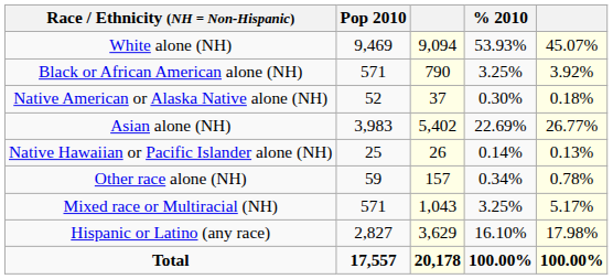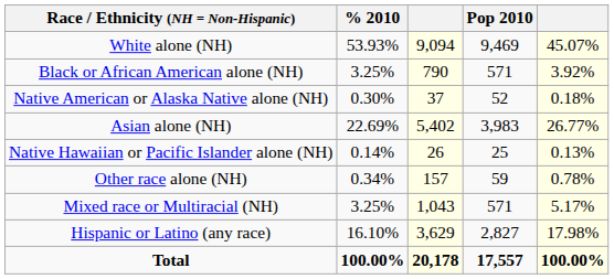 <table class="wikitable" style="text-align:center;">
 <tr>
 <th>Race / Ethnicity <small>(<em>NH = Non-Hispanic</em>)</small></th>
+<th>% 2010</th>
+<th></th>
 <th>Pop 2010</th>
-<th></th>
-<th>% 2010</th>
 <th></th>
 </tr>
 <tr>
 <td><a href='#'>White</a> alone (NH)</td>
+<td>53.93%</td>
+<td style='background: #ffffe6;'>9,094</td>
 <td>9,469</td>
-<td style='background: #ffffe6;'>9,094</td>
-<td>53.93%</td>
 <td style='background: #ffffe6;'>45.07%</td>
 </tr>
 <tr>
 <td><a href='#'>Black or African American</a> alone (NH)</td>
+<td>3.25%</td>
+<td style='background: #ffffe6;'>790</td>
 <td>571</td>
-<td style='background: #ffffe6;'>790</td>
-<td>3.25%</td>
 <td style='background: #ffffe6;'>3.92%</td>
 </tr>
 <tr>
 <td><a href='#'>Native American</a> or <a href='#'>Alaska Native</a> alone (NH)</td>
+<td>0.30%</td>
+<td style='background: #ffffe6;'>37</td>
 <td>52</td>
-<td style='background: #ffffe6;'>37</td>
-<td>0.30%</td>
 <td style='background: #ffffe6;'>0.18%</td>
 </tr>
 <tr>
 <td><a href='#'>Asian</a> alone (NH)</td>
+<td>22.69%</td>
+<td style='background: #ffffe6;'>5,402</td>
 <td>3,983</td>
-<td style='background: #ffffe6;'>5,402</td>
-<td>22.69%</td>
 <td style='background: #ffffe6;'>26.77%</td>
 </tr>
 <tr>
 <td><a href='#'>Native Hawaiian</a> or <a href='#'>Pacific Islander</a> alone (NH)</td>
+<td>0.14%</td>
+<td style='background: #ffffe6;'>26</td>
 <td>25</td>
-<td style='background: #ffffe6;'>26</td>
-<td>0.14%</td>
 <td style='background: #ffffe6;'>0.13%</td>
 </tr>
 <tr>
 <td><a href='#'>Other race</a> alone (NH)</td>
+<td>0.34%</td>
+<td style='background: #ffffe6;'>157</td>
 <td>59</td>
-<td style='background: #ffffe6;'>157</td>
-<td>0.34%</td>
 <td style='background: #ffffe6;'>0.78%</td>
 </tr>
 <tr>
 <td><a href='#'>Mixed race or Multiracial</a> (NH)</td>
+<td>3.25%</td>
+<td style='background: #ffffe6;'>1,043</td>
 <td>571</td>
-<td style='background: #ffffe6;'>1,043</td>
-<td>3.25%</td>
 <td style='background: #ffffe6;'>5.17%</td>
 </tr>
 <tr>
 <td><a href='#'>Hispanic or Latino</a> (any race)</td>
+<td>16.10%</td>
+<td style='background: #ffffe6;'>3,629</td>
 <td>2,827</td>
-<td style='background: #ffffe6;'>3,629</td>
-<td>16.10%</td>
 <td style='background: #ffffe6;'>17.98%</td>
 </tr>
 <tr>
 <td><strong>Total</strong></td>
+<td><strong>100.00%</strong></td>
+<td style='background: #ffffe6;'><strong>20,178</strong></td>
 <td><strong>17,557</strong></td>
-<td style='background: #ffffe6;'><strong>20,178</strong></td>
-<td><strong>100.00%</strong></td>
 <td style='background: #ffffe6;'><strong>100.00%</strong></td>
 </tr>
 </table>
